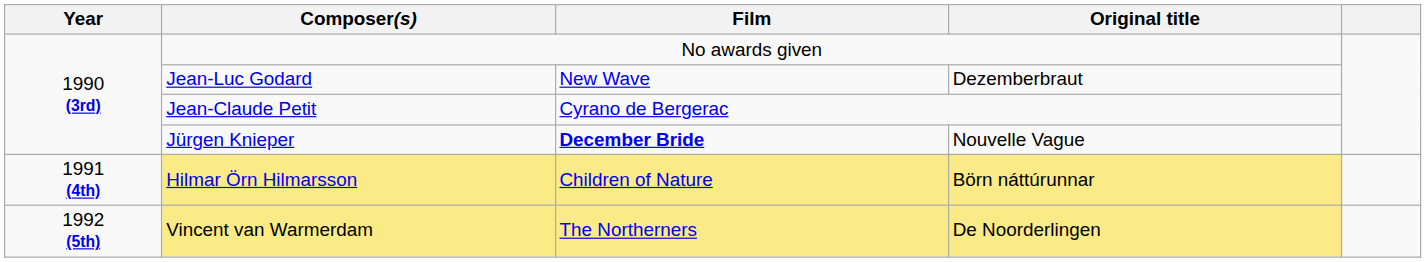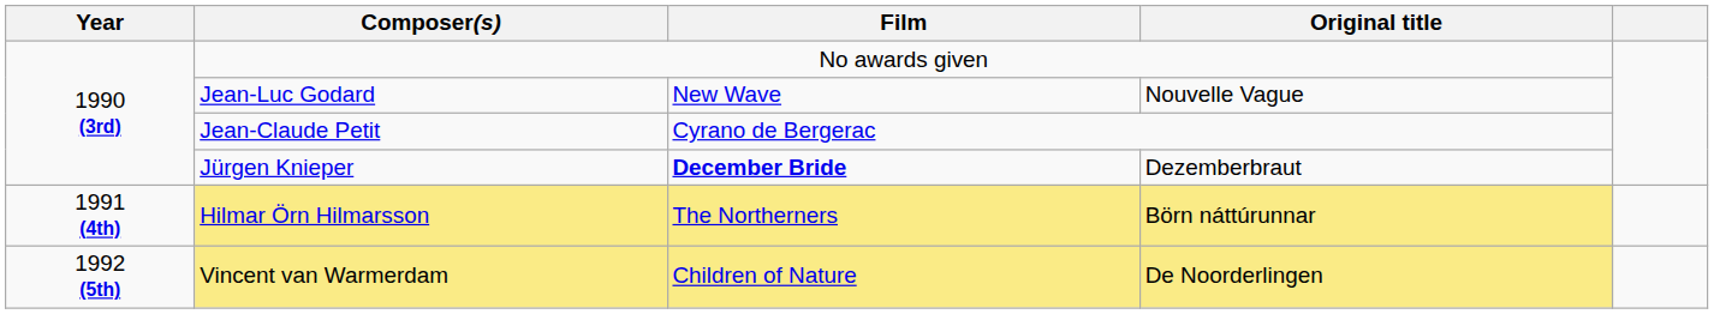 <table class="wikitable" width="95%" cellpadding="5">
 <tr>
 <th width="10%"><strong>Year</strong></th>
 <th width="25%"><strong>Composer<strong><em>(s)<em></th>
 <th width="25%"></strong>Film<strong></th>
 <th width="25%"></strong>Original title<strong></th>
 <th width="5%"></th>
 </tr>
 <tr>
 <td rowspan="4" style="text-align:center;"></strong>1990<strong><br><small><a href='#'>(3rd)</a></small></td>
 <td colspan="3" style="text-align:center;">No awards given</td>
 <td rowspan="4"></td>
 </tr>
 <tr>
 <td><a href='#'>Jean-Luc Godard</a></td>
 <td></em><a href='#'>New Wave</a><em></td>
-<td></em>Dezemberbraut<em></td>
+<td></em>Nouvelle Vague<em></td>
 </tr>
 <tr>
 <td><a href='#'>Jean-Claude Petit</a></td>
 <td colspan="2"></em><a href='#'>Cyrano de Bergerac</a><em></td>
 </tr>
 <tr>
 <td><a href='#'>Jürgen Knieper</a></td>
 <td><strong></em><a href='#'>December Bride</a><em></strong></td>
-<td></em>Nouvelle Vague<em></td>
+<td></em>Dezemberbraut<em></td>
 </tr>
 <tr>
 <td style="text-align:center;"></strong>1991<strong><br><small><a href='#'>(4th)</a></small></td>
 <td style="background:#FAEB86;"></strong><a href='#'>Hilmar Örn Hilmarsson</a><strong></td>
-<td style="background:#FAEB86;"></em></strong><a href='#'>Children of Nature</a><strong><em></td>
+<td style="background:#FAEB86;"></em></strong><a href='#'>The Northerners</a><strong><em></td>
 <td style="background:#FAEB86;"></em></strong>Börn náttúrunnar<strong><em></td>
 <td></td>
 </tr>
 <tr>
 <td rowspan="2" style="text-align:center;"></strong>1992<strong><br><small><a href='#'>(5th)</a></small></td>
 <td style="background:#FAEB86;"></strong>Vincent van Warmerdam<strong></td>
-<td style="background:#FAEB86;"></em></strong><a href='#'>The Northerners</a><strong><em></td>
+<td style="background:#FAEB86;"></em></strong><a href='#'>Children of Nature</a><strong><em></td>
 <td style="background:#FAEB86;"></em></strong>De Noorderlingen<strong><em></td>
 <td></td>
 </tr>
 </table>
